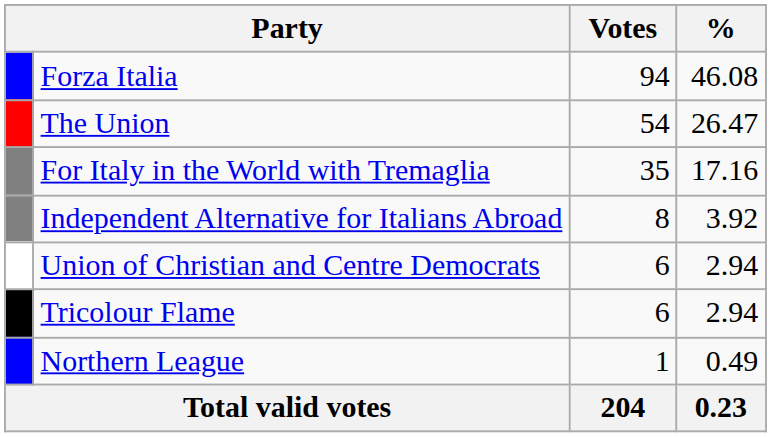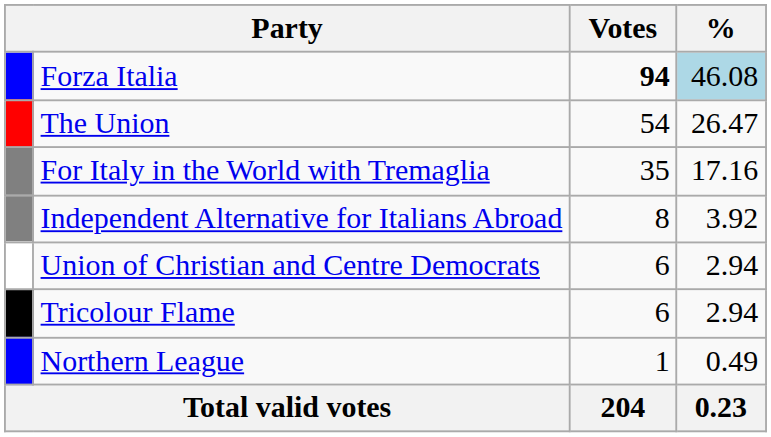 <table class="wikitable">
 <tr>
 <th colspan="2" style="width: 130px">Party</th>
 <th style="width: 50px">Votes</th>
 <th style="width: 40px">%</th>
 </tr>
 <tr>
 <td style="background-color:blue">  </td>
 <td style="text-align: left"><a href='#'>Forza Italia</a></td>
-<td style="text-align: right">94</td>
-<td style="text-align: right">46.08</td>
+<td style="text-align: right"><strong>94</strong></td>
+<td style="background: lightblue; text-align: right">46.08</td>
 </tr>
 <tr>
 <td style="background-color:red">  </td>
 <td style="text-align: left"><a href='#'>The Union</a></td>
 <td style="text-align: right">54</td>
 <td style="text-align: right">26.47</td>
 </tr>
 <tr>
 <td style="background-color:grey">  </td>
 <td style="text-align: left"><a href='#'>For Italy in the World with Tremaglia</a></td>
 <td align="right">35</td>
 <td align="right">17.16</td>
 </tr>
 <tr>
 <td style="background-color:grey">  </td>
 <td style="text-align: left"><a href='#'>Independent Alternative for Italians Abroad</a></td>
 <td align="right">8</td>
 <td align="right">3.92</td>
 </tr>
 <tr>
 <td style="background-color:white">  </td>
 <td style="text-align: left"><a href='#'>Union of Christian and Centre Democrats</a></td>
 <td align="right">6</td>
 <td align="right">2.94</td>
 </tr>
 <tr>
 <td style="background-color:black">  </td>
 <td style="text-align: left"><a href='#'>Tricolour Flame</a></td>
 <td align="right">6</td>
 <td align="right">2.94</td>
 </tr>
 <tr>
 <td style="background-color:blue">  </td>
 <td style="text-align: left"><a href='#'>Northern League</a></td>
 <td align="right">1</td>
 <td align="right">0.49</td>
 </tr>
 <tr bgcolor="white">
 <th align="right" colspan=2>Total valid votes</th>
 <th align="right">204</th>
 <th align="right">0.23</th>
 </tr>
 </table>
